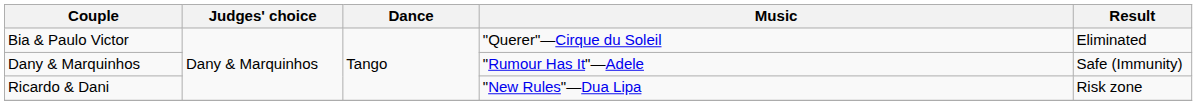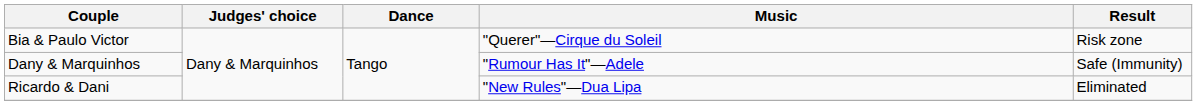 <table class="wikitable sortable" style="width:100%;">
 <tr>
 <th width="15.0%">Couple</th>
 <th width="13.5%">Judges' choice</th>
 <th width="11.5%">Dance</th>
 <th width="50.0%">Music</th>
 <th width="10.0%">Result</th>
 </tr>
 <tr>
 <td>Bia & Paulo Victor</td>
 <td rowspan=3>Dany & Marquinhos</td>
 <td rowspan=3>Tango</td>
 <td>"Querer"—<a href='#'>Cirque du Soleil</a></td>
-<td>Eliminated</td>
+<td>Risk zone</td>
 </tr>
 <tr>
 <td>Dany & Marquinhos</td>
 <td>"<a href='#'>Rumour Has It</a>"—<a href='#'>Adele</a></td>
 <td>Safe (Immunity)</td>
 </tr>
 <tr>
 <td>Ricardo & Dani</td>
 <td>"<a href='#'>New Rules</a>"—<a href='#'>Dua Lipa</a></td>
-<td>Risk zone</td>
+<td>Eliminated</td>
 </tr>
 <tr>
 </tr>
 </table>
